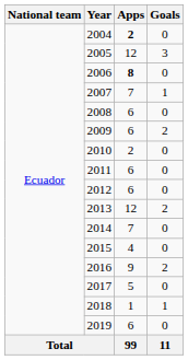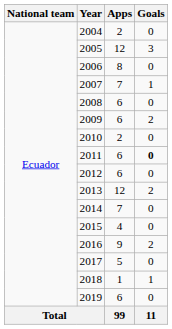 <table class=wikitable style=text-align:center>
 <tr>
 <th>National team</th>
 <th>Year</th>
 <th>Apps</th>
 <th>Goals</th>
 </tr>
 <tr>
 <td rowspan=16><a href='#'>Ecuador</a></td>
 <td>2004</td>
-<td><strong>2</strong></td>
+<td>2</td>
 <td>0</td>
 </tr>
 <tr>
 <td>2005</td>
 <td>12</td>
 <td>3</td>
 </tr>
 <tr>
 <td>2006</td>
-<td><strong>8</strong></td>
+<td>8</td>
 <td>0</td>
 </tr>
 <tr>
 <td>2007</td>
 <td>7</td>
 <td>1</td>
 </tr>
 <tr>
 <td>2008</td>
 <td>6</td>
 <td>0</td>
 </tr>
 <tr>
 <td>2009</td>
 <td>6</td>
 <td>2</td>
 </tr>
 <tr>
 <td>2010</td>
 <td>2</td>
 <td>0</td>
 </tr>
 <tr>
 <td>2011</td>
 <td>6</td>
-<td>0</td>
+<td><strong>0</strong></td>
 </tr>
 <tr>
 <td>2012</td>
 <td>6</td>
 <td>0</td>
 </tr>
 <tr>
 <td>2013</td>
 <td>12</td>
 <td>2</td>
 </tr>
 <tr>
 <td>2014</td>
 <td>7</td>
 <td>0</td>
 </tr>
 <tr>
 <td>2015</td>
 <td>4</td>
 <td>0</td>
 </tr>
 <tr>
 <td>2016</td>
 <td>9</td>
 <td>2</td>
 </tr>
 <tr>
 <td>2017</td>
 <td>5</td>
 <td>0</td>
 </tr>
 <tr>
 <td>2018</td>
 <td>1</td>
 <td>1</td>
 </tr>
 <tr>
 <td>2019</td>
 <td>6</td>
 <td>0</td>
 </tr>
 <tr>
 <th colspan=2>Total</th>
 <th>99</th>
 <th>11</th>
 </tr>
 </table>
